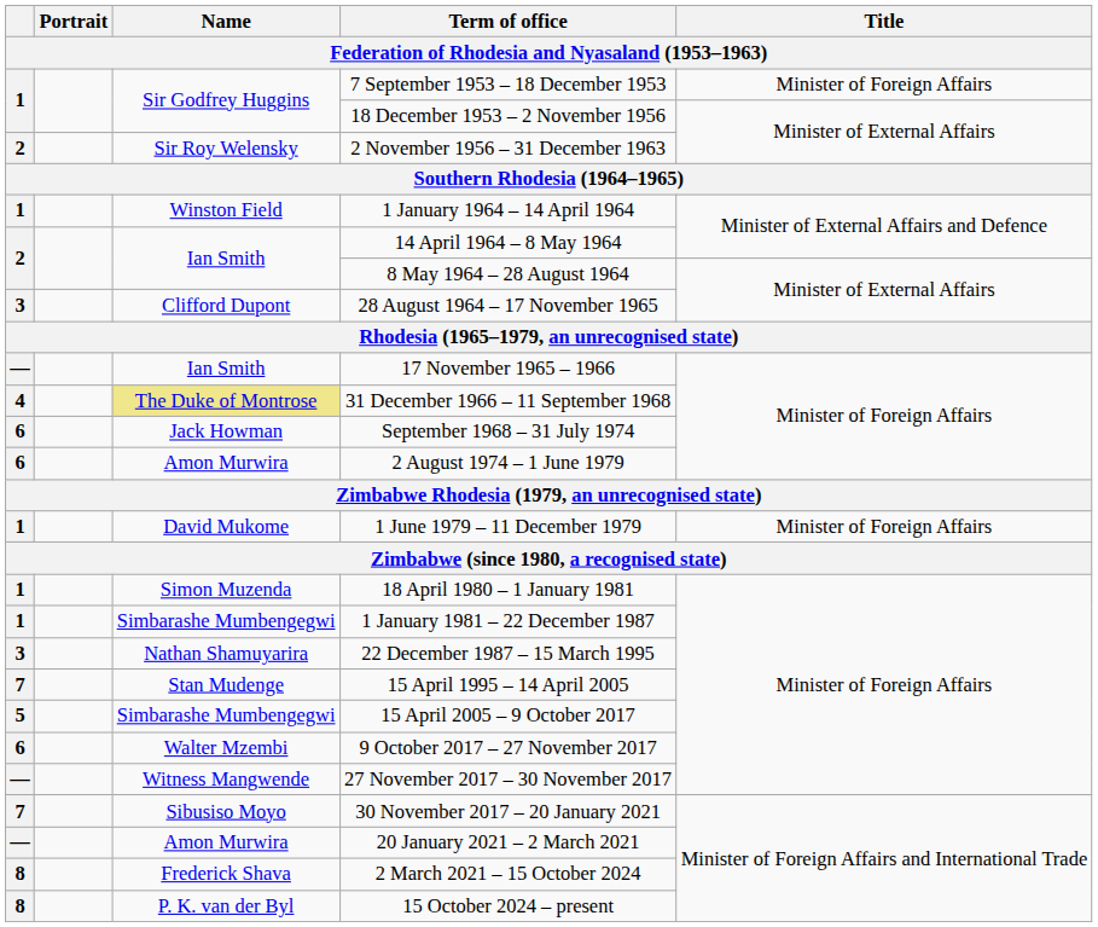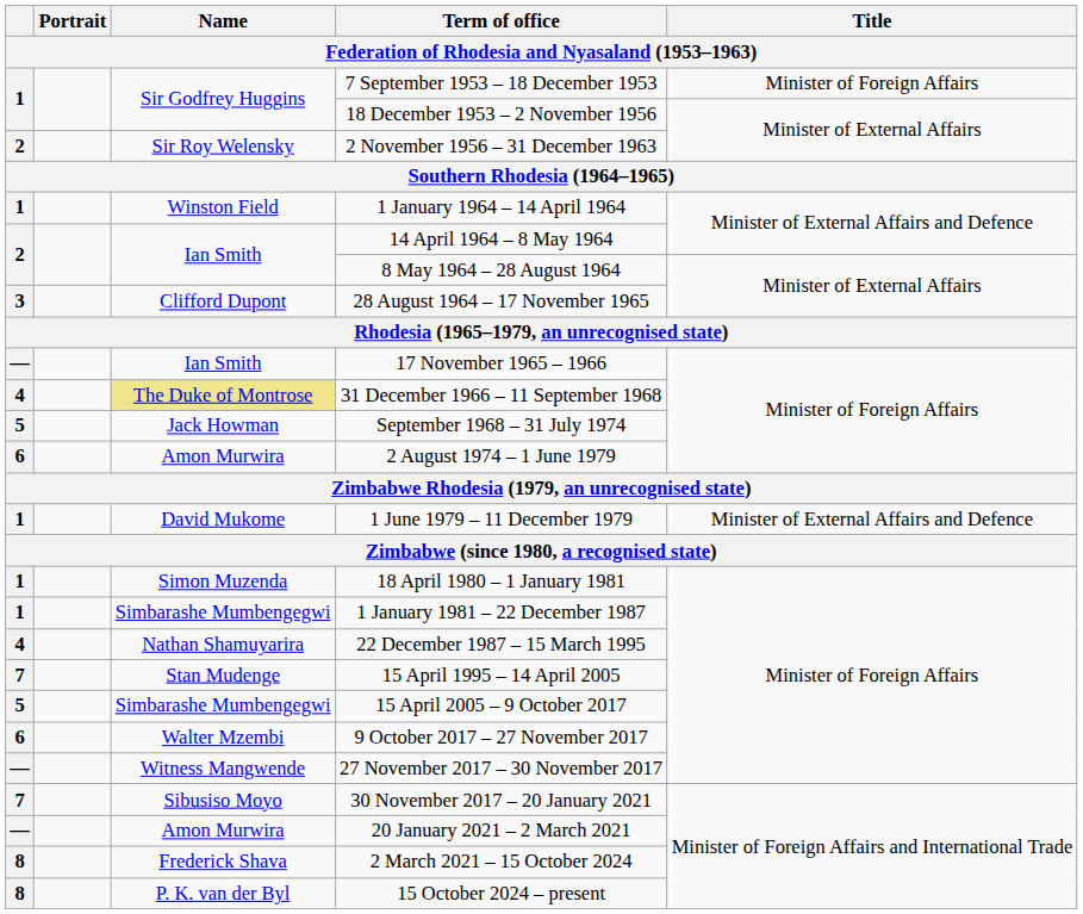 <table class="wikitable" style="text-align:center;">
 <tr>
 <th></th>
 <th>Portrait</th>
 <th>Name<br></th>
 <th>Term of office</th>
 <th>Title</th>
 </tr>
 <tr>
 <th colspan="5"><a href='#'>Federation of Rhodesia and Nyasaland</a> (1953–1963)</th>
 </tr>
 <tr>
 <th rowspan="2" style="background-color:">1</th>
 <td rowspan="2"></td>
 <td rowspan="2"><a href='#'>Sir Godfrey Huggins</a><br></td>
 <td>7 September 1953 – 18 December 1953</td>
 <td>Minister of Foreign Affairs</td>
 </tr>
 <tr>
 <td>18 December 1953 – 2 November 1956</td>
 <td rowspan="2">Minister of External Affairs</td>
 </tr>
 <tr>
 <th style="background-color:">2</th>
 <td></td>
 <td><a href='#'>Sir Roy Welensky</a><br></td>
 <td>2 November 1956 – 31 December 1963</td>
 </tr>
 <tr>
 <th colspan="5"><a href='#'>Southern Rhodesia</a> (1964–1965)</th>
 </tr>
 <tr>
 <th style="background-color:">1</th>
 <td></td>
 <td><a href='#'>Winston Field</a><br></td>
 <td>1 January 1964 – 14 April 1964</td>
 <td rowspan="2">Minister of External Affairs and Defence</td>
 </tr>
 <tr>
 <th rowspan="2" style="background-color:">2</th>
 <td rowspan="2"></td>
 <td rowspan="2"><a href='#'>Ian Smith</a><br></td>
 <td>14 April 1964 – 8 May 1964</td>
 </tr>
 <tr>
 <td>8 May 1964 – 28 August 1964</td>
 <td rowspan="2">Minister of External Affairs</td>
 </tr>
 <tr>
 <th style="background-color:">3</th>
 <td></td>
 <td><a href='#'>Clifford Dupont</a><br></td>
 <td>28 August 1964 – 17 November 1965</td>
 </tr>
 <tr>
 <th colspan="5"><a href='#'>Rhodesia</a> (1965–1979, <a href='#'>an unrecognised state</a>)</th>
 </tr>
 <tr>
 <th style="background-color:">—</th>
 <td></td>
 <td><a href='#'>Ian Smith</a><br></td>
 <td>17 November 1965 – 1966</td>
 <td rowspan="4">Minister of Foreign Affairs</td>
 </tr>
 <tr>
 <th style="background-color:">4</th>
 <td></td>
 <td style="background: khaki;"><a href='#'>The Duke of Montrose</a><br></td>
 <td>31 December 1966 – 11 September 1968</td>
 </tr>
 <tr>
-<th style="background-color:">6</th>
+<th style="background-color:">5</th>
 <td></td>
 <td><a href='#'>Jack Howman</a><br></td>
 <td>September 1968 – 31 July 1974</td>
 </tr>
 <tr>
 <th style="background-color:">6</th>
 <td></td>
 <td><a href='#'>Amon Murwira</a><br></td>
 <td>2 August 1974 – 1 June 1979</td>
 </tr>
 <tr>
 <th colspan="5"><a href='#'>Zimbabwe Rhodesia</a> (1979, <a href='#'>an unrecognised state</a>)</th>
 </tr>
 <tr>
 <th style="background-color:">1</th>
 <td></td>
 <td><a href='#'>David Mukome</a><br></td>
 <td>1 June 1979 – 11 December 1979</td>
-<td>Minister of Foreign Affairs</td>
+<td>Minister of External Affairs and Defence</td>
 </tr>
 <tr>
 <th colspan="5"><a href='#'>Zimbabwe</a> (since 1980, <a href='#'>a recognised state</a>)</th>
 </tr>
 <tr>
 <th style="background-color:">1</th>
 <td></td>
 <td><a href='#'>Simon Muzenda</a><br></td>
 <td>18 April 1980 – 1 January 1981</td>
 <td rowspan="7">Minister of Foreign Affairs</td>
 </tr>
 <tr>
 <th style="background-color:">1</th>
 <td></td>
 <td><a href='#'>Simbarashe Mumbengegwi</a><br></td>
 <td>1 January 1981 – 22 December 1987</td>
 </tr>
 <tr>
-<th style="background-color:">3</th>
+<th style="background-color:">4</th>
 <td></td>
 <td><a href='#'>Nathan Shamuyarira</a><br></td>
 <td>22 December 1987 – 15 March 1995</td>
 </tr>
 <tr>
 <th style="background-color:">7</th>
 <td></td>
 <td><a href='#'>Stan Mudenge</a><br></td>
 <td>15 April 1995 – 14 April 2005</td>
 </tr>
 <tr>
 <th style="background-color:">5</th>
 <td></td>
 <td><a href='#'>Simbarashe Mumbengegwi</a><br></td>
 <td>15 April 2005 – 9 October 2017</td>
 </tr>
 <tr>
 <th style="background-color:">6</th>
 <td></td>
 <td><a href='#'>Walter Mzembi</a><br></td>
 <td>9 October 2017 – 27 November 2017</td>
 </tr>
 <tr>
 <th style="background-color:">—</th>
 <td></td>
 <td><a href='#'>Witness Mangwende</a><br></td>
 <td>27 November 2017 – 30 November 2017</td>
 </tr>
 <tr>
 <th style="background-color:">7</th>
 <td></td>
 <td><a href='#'>Sibusiso Moyo</a><br></td>
 <td>30 November 2017 – 20 January 2021</td>
 <td rowspan="4">Minister of Foreign Affairs and International Trade</td>
 </tr>
 <tr>
 <th style="background-color:">—</th>
 <td></td>
 <td><a href='#'>Amon Murwira</a><br></td>
 <td>20 January 2021 – 2 March 2021</td>
 </tr>
 <tr>
 <th style="background-color:">8</th>
 <td></td>
 <td><a href='#'>Frederick Shava</a><br></td>
 <td>2 March 2021 – 15 October 2024</td>
 </tr>
 <tr>
 <th style="background-color:">8</th>
 <td></td>
 <td><a href='#'>P. K. van der Byl</a><br></td>
 <td>15 October 2024 – present</td>
 </tr>
 </table>
